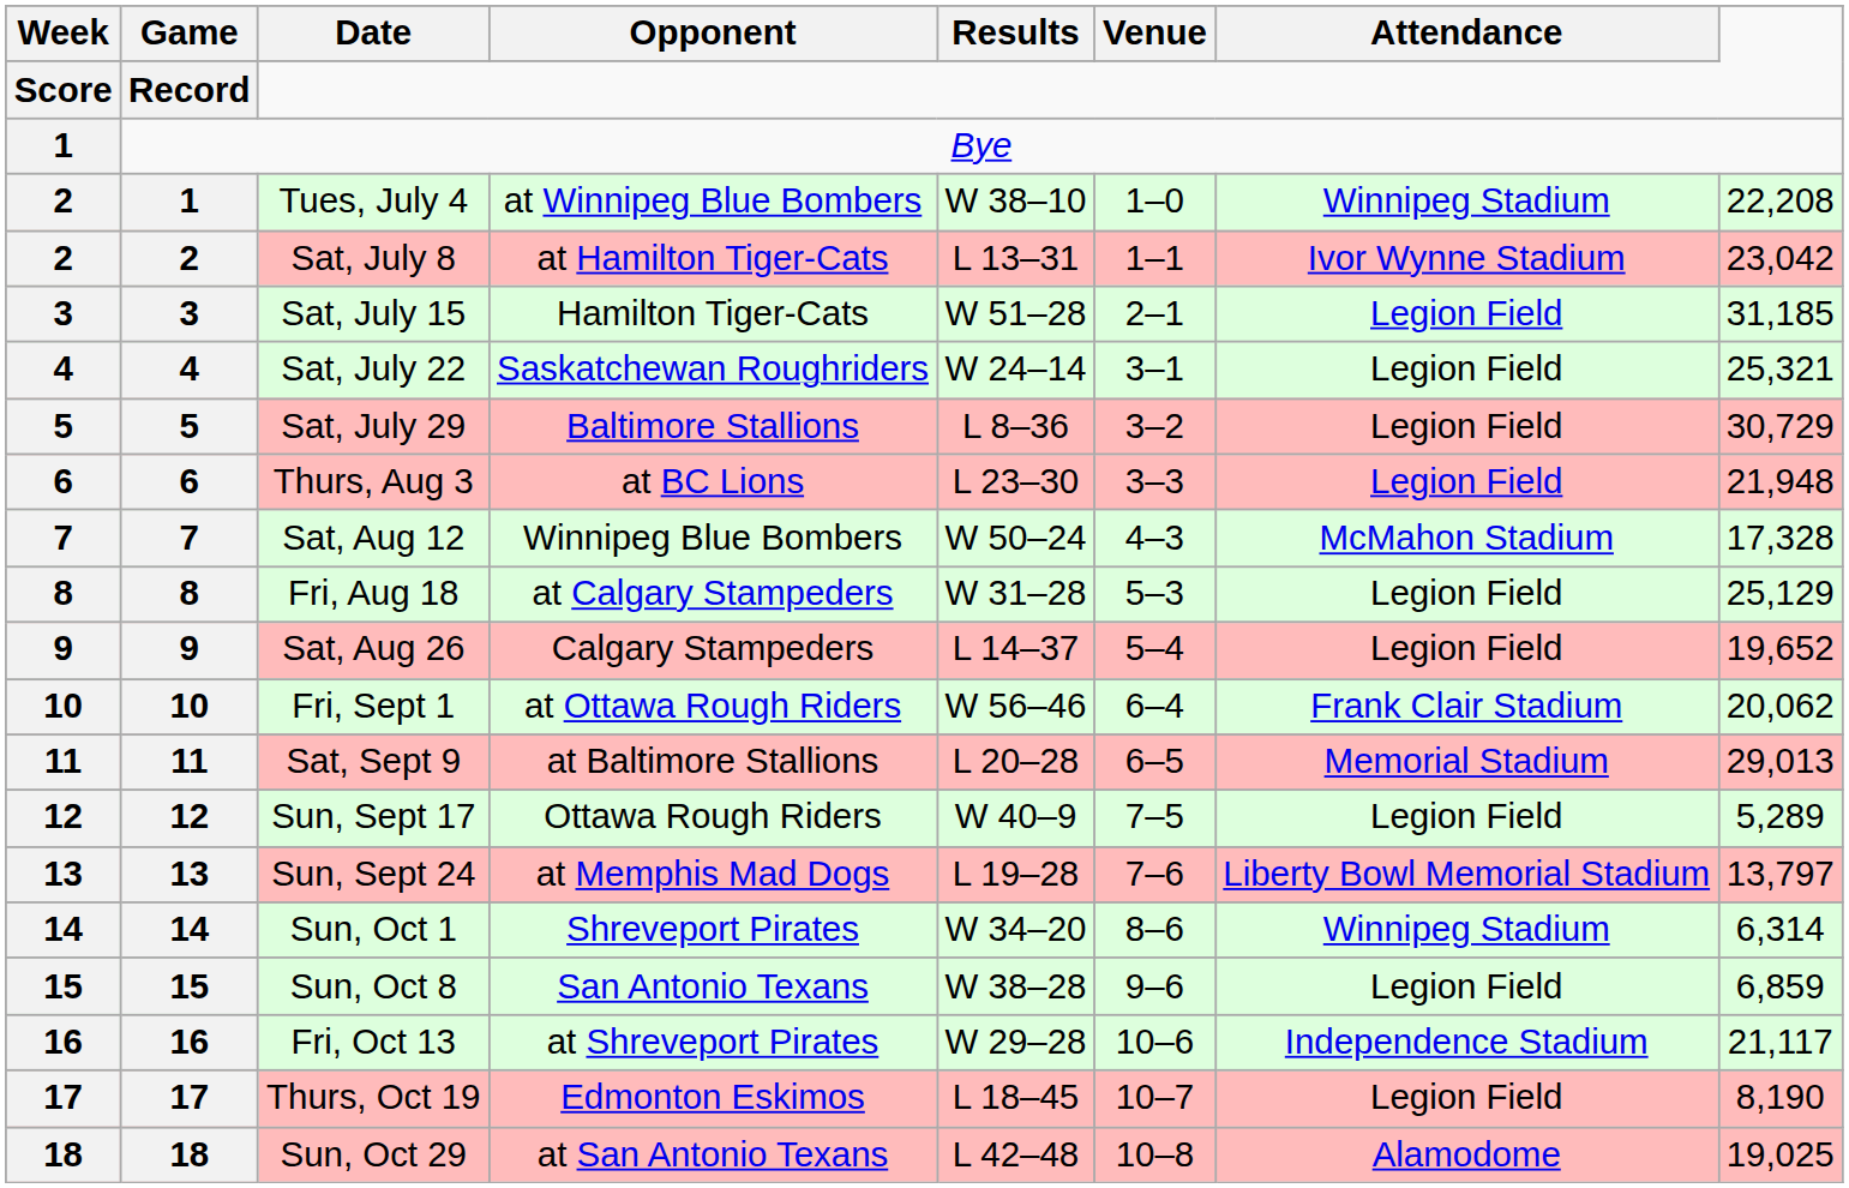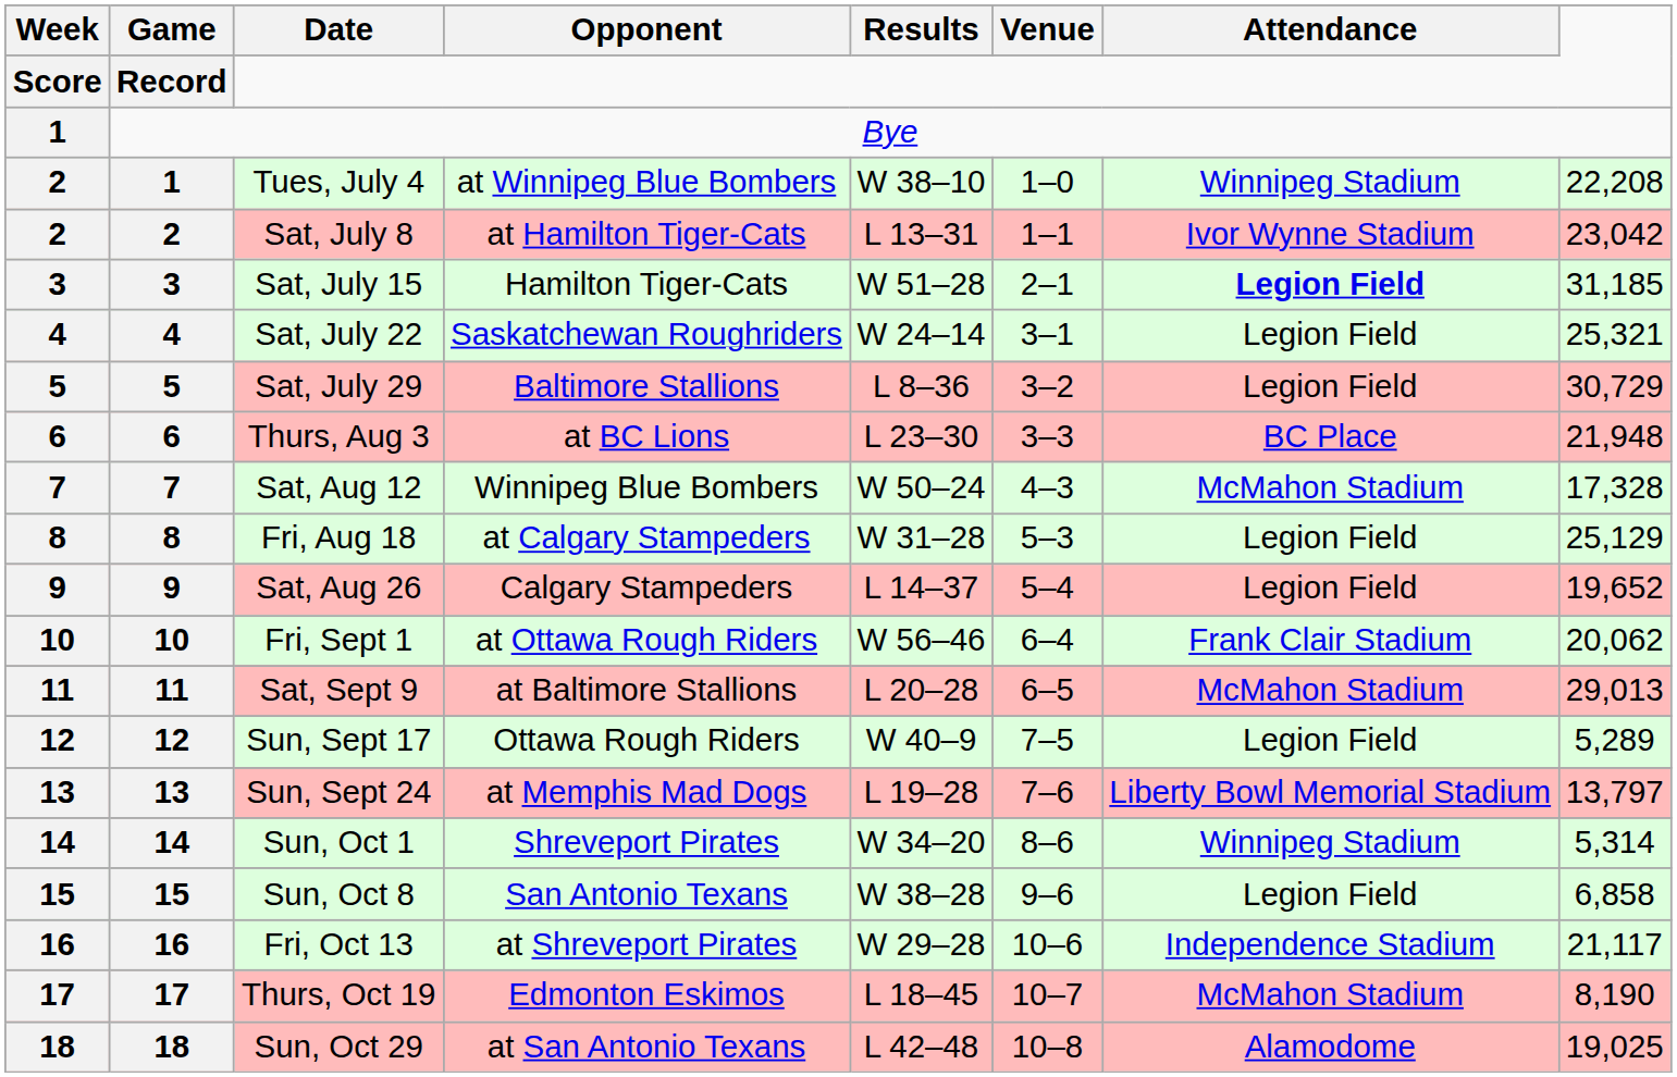 <table class="wikitable" style="text-align:center">
 <tr>
 <th>Week</th>
 <th>Game</th>
 <th>Date</th>
 <th>Opponent</th>
 <th>Results</th>
 <th>Venue</th>
 <th>Attendance</th>
 </tr>
 <tr>
 <th>Score</th>
 <th>Record</th>
 </tr>
 <tr>
 <th>1</th>
 <td colspan=7><em><a href='#'>Bye</a></em></td>
 </tr>
 <tr style="background:#ddffdd">
 <th>2</th>
 <th>1</th>
 <td>Tues, July 4</td>
 <td>at <a href='#'>Winnipeg Blue Bombers</a></td>
 <td>W 38–10</td>
 <td>1–0</td>
 <td><a href='#'>Winnipeg Stadium</a></td>
 <td>22,208</td>
 </tr>
 <tr style="background:#ffbbbb">
 <th>2</th>
 <th>2</th>
 <td>Sat, July 8</td>
 <td>at <a href='#'>Hamilton Tiger-Cats</a></td>
 <td>L 13–31</td>
 <td>1–1</td>
 <td><a href='#'>Ivor Wynne Stadium</a></td>
 <td>23,042</td>
 </tr>
 <tr style="background:#ddffdd">
 <th>3</th>
 <th>3</th>
 <td>Sat, July 15</td>
 <td>Hamilton Tiger-Cats</td>
 <td>W 51–28</td>
 <td>2–1</td>
-<td><a href='#'>Legion Field</a></td>
+<td><strong><a href='#'>Legion Field</a></strong></td>
 <td>31,185</td>
 </tr>
 <tr style="background:#ddffdd">
 <th>4</th>
 <th>4</th>
 <td>Sat, July 22</td>
 <td><a href='#'>Saskatchewan Roughriders</a></td>
 <td>W 24–14</td>
 <td>3–1</td>
 <td>Legion Field</td>
 <td>25,321</td>
 </tr>
 <tr style="background:#ffbbbb">
 <th>5</th>
 <th>5</th>
 <td>Sat, July 29</td>
 <td><a href='#'>Baltimore Stallions</a></td>
 <td>L 8–36</td>
 <td>3–2</td>
 <td>Legion Field</td>
 <td>30,729</td>
 </tr>
 <tr style="background:#ffbbbb">
 <th>6</th>
 <th>6</th>
 <td>Thurs, Aug 3</td>
 <td>at <a href='#'>BC Lions</a></td>
 <td>L 23–30</td>
 <td>3–3</td>
-<td><a href='#'>Legion Field</a></td>
+<td><a href='#'>BC Place</a></td>
 <td>21,948</td>
 </tr>
 <tr style="background:#ddffdd">
 <th>7</th>
 <th>7</th>
 <td>Sat, Aug 12</td>
 <td>Winnipeg Blue Bombers</td>
 <td>W 50–24</td>
 <td>4–3</td>
 <td><a href='#'>McMahon Stadium</a></td>
 <td>17,328</td>
 </tr>
 <tr style="background:#ddffdd">
 <th>8</th>
 <th>8</th>
 <td>Fri, Aug 18</td>
 <td>at <a href='#'>Calgary Stampeders</a></td>
 <td>W 31–28</td>
 <td>5–3</td>
 <td>Legion Field</td>
 <td>25,129</td>
 </tr>
 <tr style="background:#ffbbbb">
 <th>9</th>
 <th>9</th>
 <td>Sat, Aug 26</td>
 <td>Calgary Stampeders</td>
 <td>L 14–37</td>
 <td>5–4</td>
 <td>Legion Field</td>
 <td>19,652</td>
 </tr>
 <tr style="background:#ddffdd">
 <th>10</th>
 <th>10</th>
 <td>Fri, Sept 1</td>
 <td>at <a href='#'>Ottawa Rough Riders</a></td>
 <td>W 56–46</td>
 <td>6–4</td>
 <td><a href='#'>Frank Clair Stadium</a></td>
 <td>20,062</td>
 </tr>
 <tr style="background:#ffbbbb">
 <th>11</th>
 <th>11</th>
 <td>Sat, Sept 9</td>
 <td>at Baltimore Stallions</td>
 <td>L 20–28</td>
 <td>6–5</td>
-<td><a href='#'>Memorial Stadium</a></td>
+<td><a href='#'>McMahon Stadium</a></td>
 <td>29,013</td>
 </tr>
 <tr style="background:#ddffdd">
 <th>12</th>
 <th>12</th>
 <td>Sun, Sept 17</td>
 <td>Ottawa Rough Riders</td>
 <td>W 40–9</td>
 <td>7–5</td>
 <td>Legion Field</td>
 <td>5,289</td>
 </tr>
 <tr style="background:#ffbbbb">
 <th>13</th>
 <th>13</th>
 <td>Sun, Sept 24</td>
 <td>at <a href='#'>Memphis Mad Dogs</a></td>
 <td>L 19–28</td>
 <td>7–6</td>
 <td><a href='#'>Liberty Bowl Memorial Stadium</a></td>
 <td>13,797</td>
 </tr>
 <tr style="background:#ddffdd">
 <th>14</th>
 <th>14</th>
 <td>Sun, Oct 1</td>
 <td><a href='#'>Shreveport Pirates</a></td>
 <td>W 34–20</td>
 <td>8–6</td>
 <td><a href='#'>Winnipeg Stadium</a></td>
-<td>6,314</td>
+<td>5,314</td>
 </tr>
 <tr style="background:#ddffdd">
 <th>15</th>
 <th>15</th>
 <td>Sun, Oct 8</td>
 <td><a href='#'>San Antonio Texans</a></td>
 <td>W 38–28</td>
 <td>9–6</td>
 <td>Legion Field</td>
-<td>6,859</td>
+<td>6,858</td>
 </tr>
 <tr style="background:#ddffdd">
 <th>16</th>
 <th>16</th>
 <td>Fri, Oct 13</td>
 <td>at <a href='#'>Shreveport Pirates</a></td>
 <td>W 29–28</td>
 <td>10–6</td>
 <td><a href='#'>Independence Stadium</a></td>
 <td>21,117</td>
 </tr>
 <tr style="background:#ffbbbb">
 <th>17</th>
 <th>17</th>
 <td>Thurs, Oct 19</td>
 <td><a href='#'>Edmonton Eskimos</a></td>
 <td>L 18–45</td>
 <td>10–7</td>
-<td>Legion Field</td>
+<td><a href='#'>McMahon Stadium</a></td>
 <td>8,190</td>
 </tr>
 <tr style="background:#ffbbbb">
 <th>18</th>
 <th>18</th>
 <td>Sun, Oct 29</td>
 <td>at <a href='#'>San Antonio Texans</a></td>
 <td>L 42–48</td>
 <td>10–8</td>
 <td><a href='#'>Alamodome</a></td>
 <td>19,025</td>
 </tr>
 </table>
